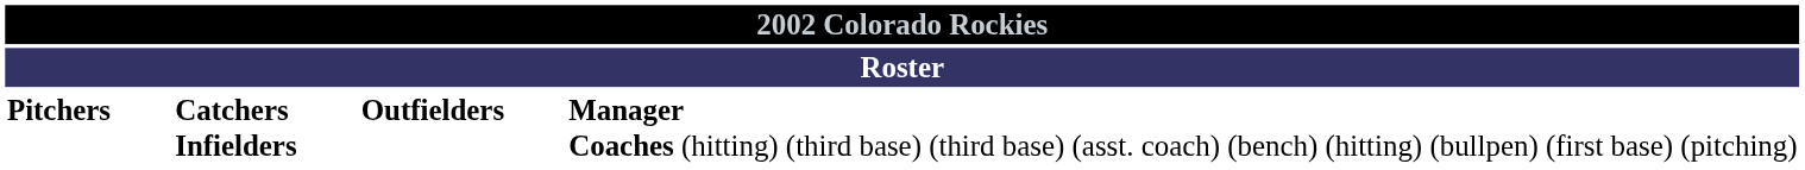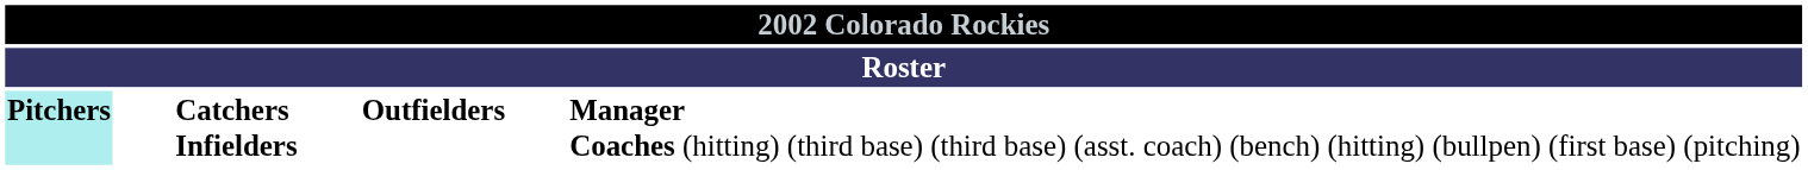 <table class="toccolours" style="font-size: 95%;">
 <tr>
 <th colspan="10" style="background:#000000; color:#C4CED4; text-align:center;">2002 Colorado Rockies</th>
 </tr>
 <tr>
 <td colspan="10" style="background:#333366; color:#FFFFFF; text-align:center;"><strong>Roster</strong></td>
 </tr>
 <tr>
-<td valign="top"><strong>Pitchers</strong><br>                    </td>
+<td valign="top" style="background: paleturquoise;"><strong>Pitchers</strong><br>                    </td>
 <td style="width:25px;"></td>
 <td valign="top"><strong>Catchers</strong><br>     <strong>Infielders</strong>        </td>
 <td style="width:25px;"></td>
 <td valign="top"><strong>Outfielders</strong><br>        </td>
 <td style="width:25px;"></td>
 <td valign="top"><strong>Manager</strong><br>  <strong>Coaches</strong>  (hitting)  (third base)  (third base)  (asst. coach)  (bench)  (hitting)  (bullpen)  (first base)  (pitching)</td>
 </tr>
 </table>
